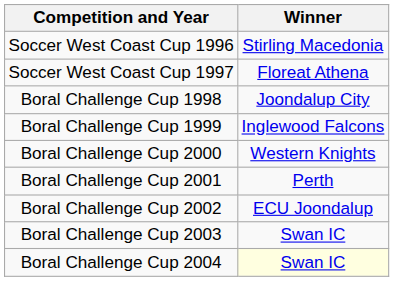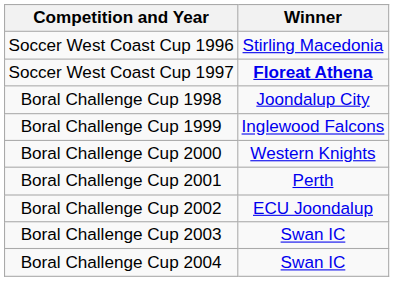 <table class="wikitable" style="text-align:center">
 <tr>
 <th>Competition and Year</th>
 <th>Winner</th>
 </tr>
 <tr>
 <td>Soccer West Coast Cup  1996</td>
 <td><a href='#'>Stirling Macedonia</a></td>
 </tr>
 <tr>
 <td>Soccer West Coast Cup 1997</td>
-<td><a href='#'>Floreat Athena</a></td>
+<td><strong><a href='#'>Floreat Athena</a></strong></td>
 </tr>
 <tr>
 <td>Boral Challenge Cup 1998</td>
 <td><a href='#'>Joondalup City</a></td>
 </tr>
 <tr>
 <td>Boral Challenge Cup 1999</td>
 <td><a href='#'>Inglewood Falcons</a></td>
 </tr>
 <tr>
 <td>Boral Challenge Cup 2000</td>
 <td><a href='#'>Western Knights</a></td>
 </tr>
 <tr>
 <td>Boral Challenge Cup 2001</td>
 <td><a href='#'>Perth</a></td>
 </tr>
 <tr>
 <td>Boral Challenge Cup 2002</td>
 <td><a href='#'>ECU Joondalup</a></td>
 </tr>
 <tr>
 <td>Boral Challenge Cup 2003</td>
 <td><a href='#'>Swan IC</a></td>
 </tr>
 <tr>
 <td>Boral Challenge Cup 2004</td>
-<td style="background: lightyellow;"><a href='#'>Swan IC</a></td>
+<td><a href='#'>Swan IC</a></td>
 </tr>
 </table>
